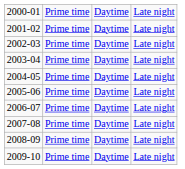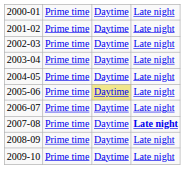 <table class="wikitable" border="1">
 <tr>
 <td>2000-01</td>
 <td><a href='#'>Prime time</a></td>
 <td><a href='#'>Daytime</a></td>
 <td><a href='#'>Late night</a></td>
 </tr>
 <tr>
 <td>2001-02</td>
 <td><a href='#'>Prime time</a></td>
 <td><a href='#'>Daytime</a></td>
 <td><a href='#'>Late night</a></td>
 </tr>
 <tr>
 <td>2002-03</td>
 <td><a href='#'>Prime time</a></td>
 <td><a href='#'>Daytime</a></td>
 <td><a href='#'>Late night</a></td>
 </tr>
 <tr>
 <td>2003-04</td>
 <td><a href='#'>Prime time</a></td>
 <td><a href='#'>Daytime</a></td>
 <td><a href='#'>Late night</a></td>
 </tr>
 <tr>
 <td>2004-05</td>
 <td><a href='#'>Prime time</a></td>
 <td><a href='#'>Daytime</a></td>
 <td><a href='#'>Late night</a></td>
 </tr>
 <tr>
 <td>2005-06</td>
 <td><a href='#'>Prime time</a></td>
-<td><a href='#'>Daytime</a></td>
+<td style="background: khaki;"><a href='#'>Daytime</a></td>
 <td><a href='#'>Late night</a></td>
 </tr>
 <tr>
 <td>2006-07</td>
 <td><a href='#'>Prime time</a></td>
 <td><a href='#'>Daytime</a></td>
 <td><a href='#'>Late night</a></td>
 </tr>
 <tr>
 <td>2007-08</td>
 <td><a href='#'>Prime time</a></td>
 <td><a href='#'>Daytime</a></td>
-<td><a href='#'>Late night</a></td>
+<td><strong><a href='#'>Late night</a></strong></td>
 </tr>
 <tr>
 <td>2008-09</td>
 <td><a href='#'>Prime time</a></td>
 <td><a href='#'>Daytime</a></td>
 <td><a href='#'>Late night</a></td>
 </tr>
 <tr>
 <td>2009-10</td>
 <td><a href='#'>Prime time</a></td>
 <td><a href='#'>Daytime</a></td>
 <td><a href='#'>Late night</a></td>
 </tr>
 </table>
